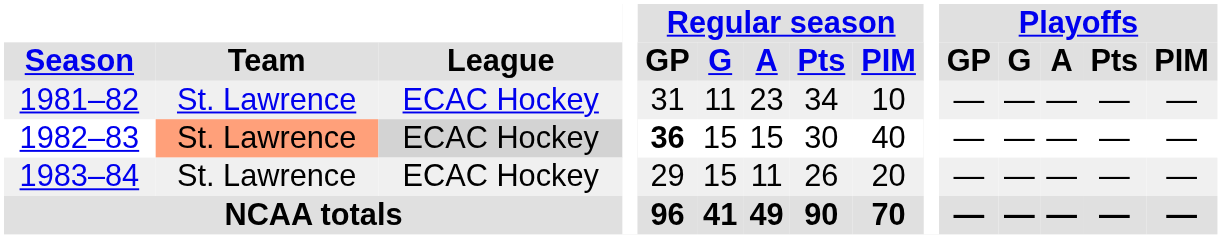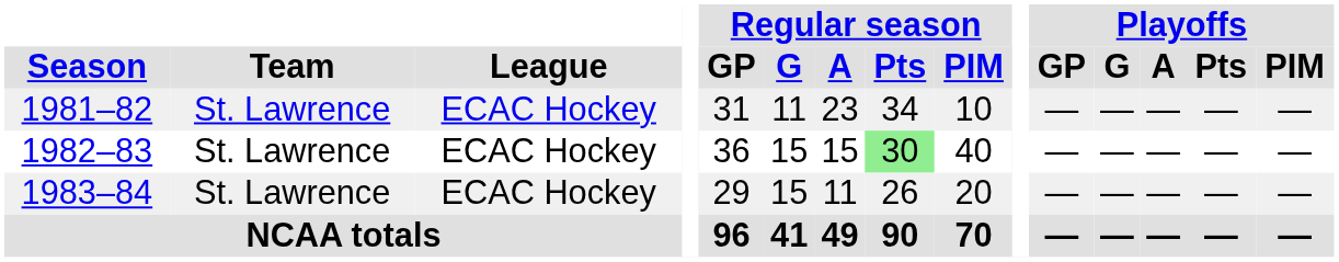 <table BORDER="0" CELLPADDING="1" CELLSPACING="0" width="50%" style="text-align:center">
 <tr bgcolor="#e0e0e0">
 <th colspan="3" bgcolor="#ffffff"> </th>
 <th rowspan="99" bgcolor="#ffffff"> </th>
 <th colspan="5"><a href='#'>Regular season</a></th>
 <th rowspan="99" bgcolor="#ffffff"> </th>
 <th colspan="5"><a href='#'>Playoffs</a></th>
 </tr>
 <tr bgcolor="#e0e0e0">
 <th ALIGN="center"><a href='#'>Season</a></th>
 <th ALIGN="center">Team</th>
 <th ALIGN="center">League</th>
 <th ALIGN="center">GP</th>
 <th ALIGN="center"><a href='#'>G</a></th>
 <th ALIGN="center"><a href='#'>A</a></th>
 <th ALIGN="center"><a href='#'>Pts</a></th>
 <th ALIGN="center"><a href='#'>PIM</a></th>
 <th ALIGN="center">GP</th>
 <th ALIGN="center">G</th>
 <th ALIGN="center">A</th>
 <th ALIGN="center">Pts</th>
 <th ALIGN="center">PIM</th>
 </tr>
 <tr bgcolor=f0f0f0>
 <td><a href='#'>1981–82</a></td>
 <td><a href='#'>St. Lawrence</a></td>
 <td><a href='#'>ECAC Hockey</a></td>
 <td>31</td>
 <td>11</td>
 <td>23</td>
 <td>34</td>
 <td>10</td>
 <td>—</td>
 <td>—</td>
 <td>—</td>
 <td>—</td>
 <td>—</td>
 </tr>
 <tr>
 <td><a href='#'>1982–83</a></td>
-<td style="background: lightsalmon;">St. Lawrence</td>
-<td style="background: lightgrey;">ECAC Hockey</td>
-<td><strong>36</strong></td>
+<td>St. Lawrence</td>
+<td>ECAC Hockey</td>
+<td>36</td>
 <td>15</td>
 <td>15</td>
-<td>30</td>
+<td style="background: lightgreen;">30</td>
 <td>40</td>
 <td>—</td>
 <td>—</td>
 <td>—</td>
 <td>—</td>
 <td>—</td>
 </tr>
 <tr bgcolor=f0f0f0>
 <td><a href='#'>1983–84</a></td>
 <td>St. Lawrence</td>
 <td>ECAC Hockey</td>
 <td>29</td>
 <td>15</td>
 <td>11</td>
 <td>26</td>
 <td>20</td>
 <td>—</td>
 <td>—</td>
 <td>—</td>
 <td>—</td>
 <td>—</td>
 </tr>
 <tr bgcolor="#e0e0e0">
 <th colspan="3">NCAA totals</th>
 <th>96</th>
 <th>41</th>
 <th>49</th>
 <th>90</th>
 <th>70</th>
 <th>—</th>
 <th>—</th>
 <th>—</th>
 <th>—</th>
 <th>—</th>
 </tr>
 </table>
